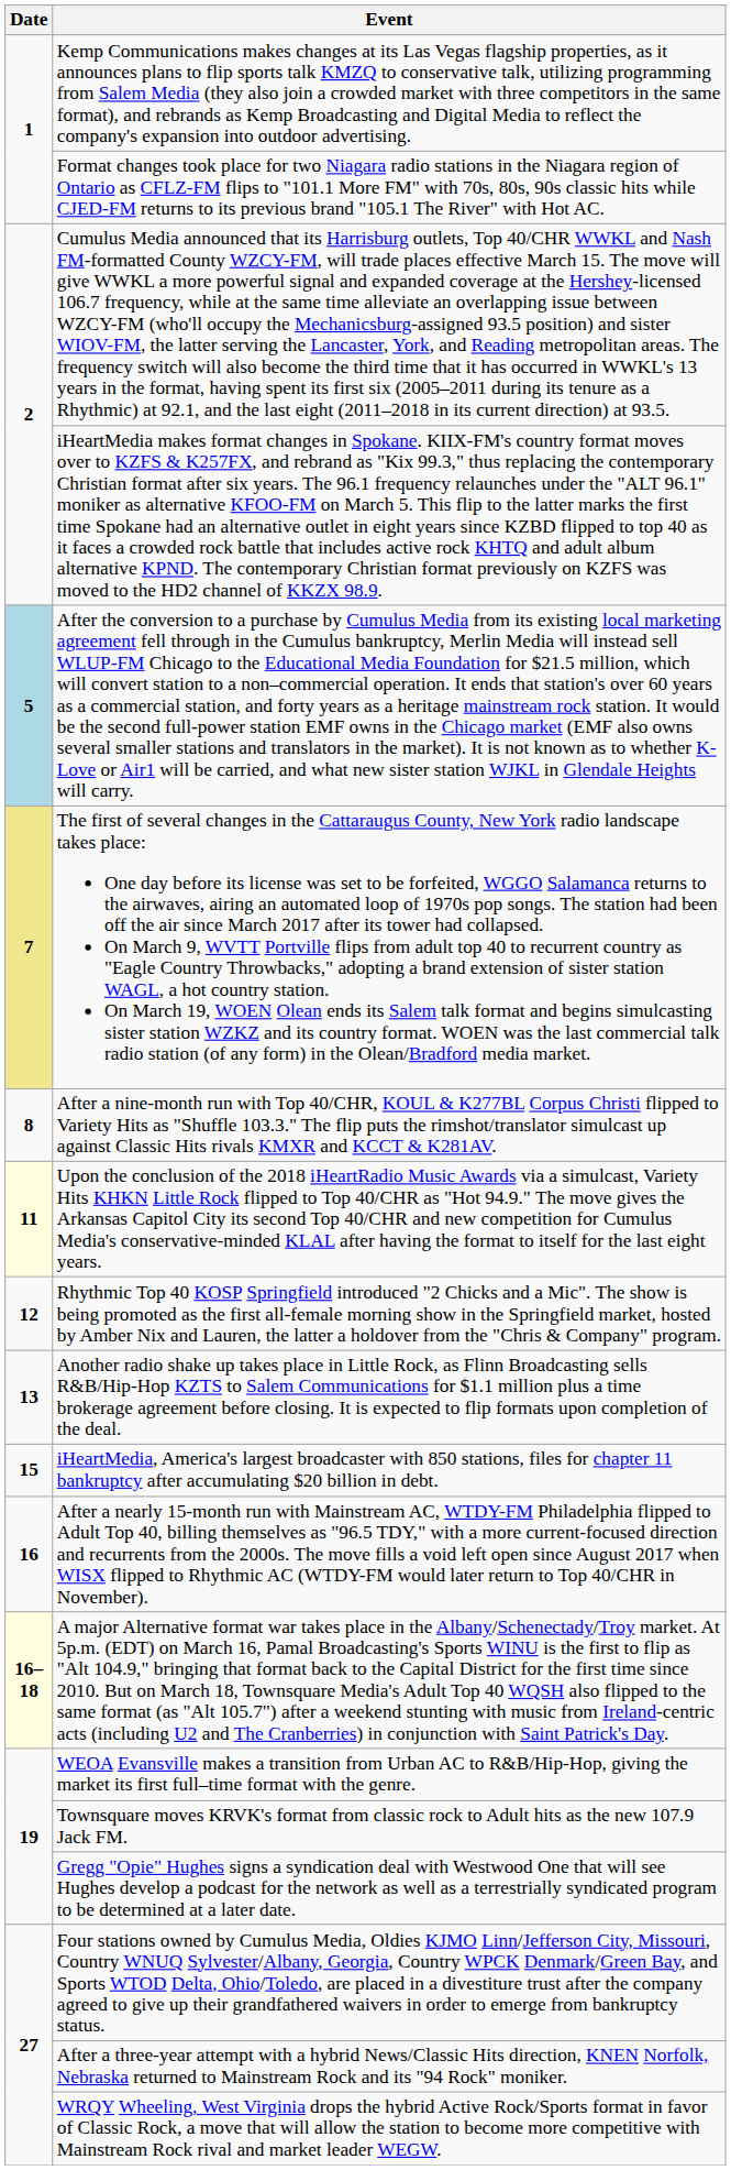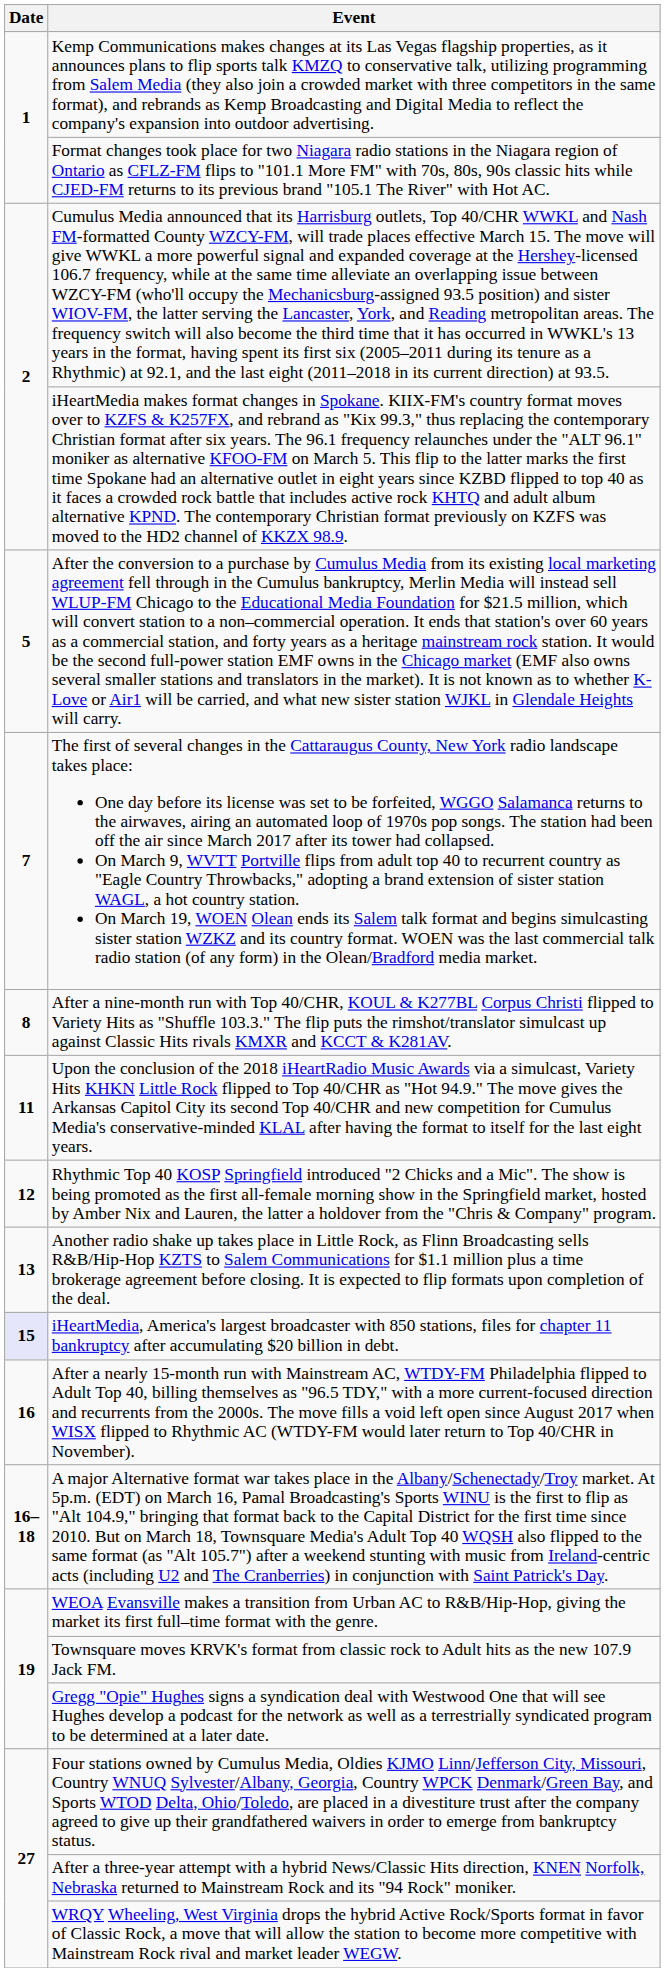 <table class="wikitable">
 <tr>
 <th>Date</th>
 <th>Event</th>
 </tr>
 <tr>
 <td style="text-align:center;" rowspan=2><strong>1</strong></td>
 <td>Kemp Communications makes changes at its Las Vegas flagship properties, as it announces plans to flip sports talk <a href='#'>KMZQ</a> to conservative talk, utilizing programming from <a href='#'>Salem Media</a> (they also join a crowded market with three competitors in the same format), and rebrands as Kemp Broadcasting and Digital Media to reflect the company's expansion into outdoor advertising.</td>
 </tr>
 <tr>
 <td>Format changes took place for two <a href='#'>Niagara</a> radio stations in the Niagara region of <a href='#'>Ontario</a> as <a href='#'>CFLZ-FM</a> flips to "101.1 More FM" with 70s, 80s, 90s classic hits while <a href='#'>CJED-FM</a> returns to its previous brand "105.1 The River" with Hot AC.</td>
 </tr>
 <tr>
 <td style="text-align:center;" rowspan=2><strong>2</strong></td>
 <td>Cumulus Media announced that its <a href='#'>Harrisburg</a> outlets, Top 40/CHR <a href='#'>WWKL</a> and <a href='#'>Nash FM</a>-formatted County <a href='#'>WZCY-FM</a>, will trade places effective March 15. The move will give WWKL a more powerful signal and expanded coverage at the <a href='#'>Hershey</a>-licensed 106.7 frequency, while at the same time alleviate an overlapping issue between WZCY-FM (who'll occupy the <a href='#'>Mechanicsburg</a>-assigned 93.5 position) and sister <a href='#'>WIOV-FM</a>, the latter serving the <a href='#'>Lancaster</a>, <a href='#'>York</a>, and <a href='#'>Reading</a> metropolitan areas. The frequency switch will also become the third time that it has occurred in WWKL's 13 years in the format, having spent its first six (2005–2011 during its tenure as a Rhythmic) at 92.1, and the last eight (2011–2018 in its current direction) at 93.5.</td>
 </tr>
 <tr>
 <td>iHeartMedia makes format changes in <a href='#'>Spokane</a>. KIIX-FM's country format moves over to <a href='#'>KZFS & K257FX</a>, and rebrand as "Kix 99.3," thus replacing the contemporary Christian format after six years. The 96.1 frequency relaunches under the "ALT 96.1" moniker as alternative <a href='#'>KFOO-FM</a> on March 5. This flip to the latter marks the first time Spokane had an alternative outlet in eight years since KZBD flipped to top 40 as it faces a crowded rock battle that includes active rock <a href='#'>KHTQ</a> and adult album alternative <a href='#'>KPND</a>. The contemporary Christian format previously on KZFS was moved to the HD2 channel of <a href='#'>KKZX 98.9</a>.</td>
 </tr>
 <tr>
-<td style="background: lightblue; text-align:center;"><strong>5</strong></td>
+<td style="text-align:center;"><strong>5</strong></td>
 <td>After the conversion to a purchase by <a href='#'>Cumulus Media</a> from its existing <a href='#'>local marketing agreement</a> fell through in the Cumulus bankruptcy, Merlin Media will instead sell <a href='#'>WLUP-FM</a> Chicago to the <a href='#'>Educational Media Foundation</a> for $21.5 million, which will convert station to a non–commercial operation. It ends that station's over 60 years as a commercial station, and forty years as a heritage <a href='#'>mainstream rock</a> station. It would be the second full-power station EMF owns in the <a href='#'>Chicago market</a> (EMF also owns several smaller stations and translators in the market). It is not known as to whether <a href='#'>K-Love</a> or <a href='#'>Air1</a> will be carried, and what new sister station <a href='#'>WJKL</a> in <a href='#'>Glendale Heights</a> will carry.</td>
 </tr>
 <tr>
-<td style="background: khaki; text-align:center;"><strong>7</strong></td>
+<td style="text-align:center;"><strong>7</strong></td>
 <td>The first of several changes in the <a href='#'>Cattaraugus County, New York</a> radio landscape takes place:<br><ul><li>One day before its license was set to be forfeited, <a href='#'>WGGO</a> <a href='#'>Salamanca</a> returns to the airwaves, airing an automated loop of 1970s pop songs. The station had been off the air since March 2017 after its tower had collapsed.</li><li>On March 9, <a href='#'>WVTT</a> <a href='#'>Portville</a> flips from adult top 40 to recurrent country as "Eagle Country Throwbacks," adopting a brand extension of sister station <a href='#'>WAGL</a>, a hot country station.</li><li>On March 19, <a href='#'>WOEN</a> <a href='#'>Olean</a> ends its <a href='#'>Salem</a> talk format and begins simulcasting sister station <a href='#'>WZKZ</a> and its country format. WOEN was the last commercial talk radio station (of any form) in the Olean/<a href='#'>Bradford</a> media market.</li></ul></td>
 </tr>
 <tr>
 <td style="text-align:center;"><strong>8</strong></td>
 <td>After a nine-month run with Top 40/CHR, <a href='#'>KOUL & K277BL</a> <a href='#'>Corpus Christi</a> flipped to Variety Hits as "Shuffle 103.3." The flip puts the rimshot/translator simulcast up against Classic Hits rivals <a href='#'>KMXR</a> and <a href='#'>KCCT & K281AV</a>.</td>
 </tr>
 <tr>
-<td style="background: lightyellow; text-align:center;"><strong>11</strong></td>
+<td style="text-align:center;"><strong>11</strong></td>
 <td>Upon the conclusion of the 2018 <a href='#'>iHeartRadio Music Awards</a> via a simulcast, Variety Hits <a href='#'>KHKN</a> <a href='#'>Little Rock</a> flipped to Top 40/CHR as "Hot 94.9." The move gives the Arkansas Capitol City its second Top 40/CHR and new competition for Cumulus Media's conservative-minded <a href='#'>KLAL</a> after having the format to itself for the last eight years.</td>
 </tr>
 <tr>
 <td style="text-align:center;"><strong>12</strong></td>
 <td>Rhythmic Top 40 <a href='#'>KOSP</a> <a href='#'>Springfield</a> introduced "2 Chicks and a Mic". The show is being promoted as the first all-female morning show in the Springfield market, hosted by Amber Nix and Lauren, the latter a holdover from the "Chris & Company" program.</td>
 </tr>
 <tr>
 <td style="text-align:center;"><strong>13</strong></td>
 <td>Another radio shake up takes place in Little Rock, as Flinn Broadcasting sells R&B/Hip-Hop <a href='#'>KZTS</a> to <a href='#'>Salem Communications</a> for $1.1 million plus a time brokerage agreement before closing. It is expected to flip formats upon completion of the deal.</td>
 </tr>
 <tr>
-<td style="text-align:center;"><strong>15</strong></td>
+<td style="background: lavender; text-align:center;"><strong>15</strong></td>
 <td><a href='#'>iHeartMedia</a>, America's largest broadcaster with 850 stations, files for <a href='#'>chapter 11 bankruptcy</a> after accumulating $20 billion in debt.</td>
 </tr>
 <tr>
 <td style="text-align:center;"><strong>16</strong></td>
 <td>After a nearly 15-month run with Mainstream AC, <a href='#'>WTDY-FM</a> Philadelphia flipped to Adult Top 40, billing themselves as "96.5 TDY," with a more current-focused direction and recurrents from the 2000s. The move fills a void left open since August 2017 when <a href='#'>WISX</a> flipped to Rhythmic AC (WTDY-FM would later return to Top 40/CHR in November).</td>
 </tr>
 <tr>
-<td style="background: lightyellow; text-align:center;"><strong>16–18</strong></td>
+<td style="text-align:center;"><strong>16–18</strong></td>
 <td>A major Alternative format war takes place in the <a href='#'>Albany</a>/<a href='#'>Schenectady</a>/<a href='#'>Troy</a> market. At 5p.m. (EDT) on March 16, Pamal Broadcasting's Sports <a href='#'>WINU</a> is the first to flip as "Alt 104.9," bringing that format back to the Capital District for the first time since 2010. But on March 18, Townsquare Media's Adult Top 40 <a href='#'>WQSH</a> also flipped to the same format (as "Alt 105.7") after a weekend stunting with music from <a href='#'>Ireland</a>-centric acts (including <a href='#'>U2</a> and <a href='#'>The Cranberries</a>) in conjunction with <a href='#'>Saint Patrick's Day</a>.</td>
 </tr>
 <tr>
 <td style="text-align:center;" rowspan=3><strong>19</strong></td>
 <td><a href='#'>WEOA</a> <a href='#'>Evansville</a> makes a transition from Urban AC to R&B/Hip-Hop, giving the market its first full–time format with the genre.</td>
 </tr>
 <tr>
 <td>Townsquare moves KRVK's format from classic rock to Adult hits as the new 107.9 Jack FM.</td>
 </tr>
 <tr>
 <td><a href='#'>Gregg "Opie" Hughes</a> signs a syndication deal with Westwood One that will see Hughes develop a podcast for the network as well as a terrestrially syndicated program to be determined at a later date.</td>
 </tr>
 <tr>
 <td style="text-align:center;" rowspan=3><strong>27</strong></td>
 <td>Four stations owned by Cumulus Media, Oldies <a href='#'>KJMO</a> <a href='#'>Linn</a>/<a href='#'>Jefferson City, Missouri</a>, Country <a href='#'>WNUQ</a> <a href='#'>Sylvester</a>/<a href='#'>Albany, Georgia</a>, Country <a href='#'>WPCK</a> <a href='#'>Denmark</a>/<a href='#'>Green Bay</a>, and Sports <a href='#'>WTOD</a> <a href='#'>Delta, Ohio</a>/<a href='#'>Toledo</a>, are placed in a divestiture trust after the company agreed to give up their grandfathered waivers in order to emerge from bankruptcy status.</td>
 </tr>
 <tr>
 <td>After a three-year attempt with a hybrid News/Classic Hits direction, <a href='#'>KNEN</a> <a href='#'>Norfolk, Nebraska</a> returned to Mainstream Rock and its "94 Rock" moniker.</td>
 </tr>
 <tr>
 <td><a href='#'>WRQY</a> <a href='#'>Wheeling, West Virginia</a> drops the hybrid Active Rock/Sports format in favor of Classic Rock, a move that will allow the station to become more competitive with Mainstream Rock rival and market leader <a href='#'>WEGW</a>.</td>
 </tr>
 </table>
